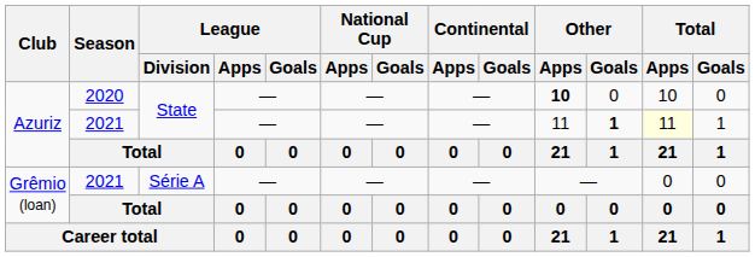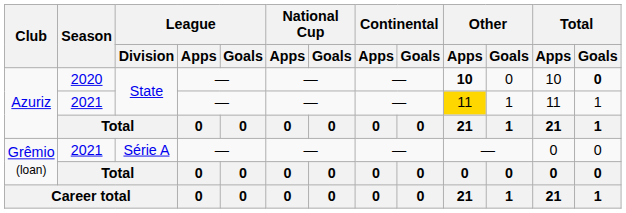 <table class="wikitable" style="text-align: center; font-size:96%">
 <tr>
 <th rowspan=2>Club</th>
 <th rowspan=2>Season</th>
 <th colspan=3>League</th>
 <th colspan=2>National Cup</th>
 <th colspan=2>Continental</th>
 <th colspan=2>Other</th>
 <th colspan=2>Total</th>
 </tr>
 <tr>
 <th>Division</th>
 <th>Apps</th>
 <th>Goals</th>
 <th>Apps</th>
 <th>Goals</th>
 <th>Apps</th>
 <th>Goals</th>
 <th>Apps</th>
 <th>Goals</th>
 <th>Apps</th>
 <th>Goals</th>
 </tr>
 <tr>
 <td rowspan=3><a href='#'>Azuriz</a></td>
 <td><a href='#'>2020</a></td>
 <td rowspan=2><a href='#'>State</a></td>
 <td colspan="2">—</td>
 <td colspan="2">—</td>
 <td colspan="2">—</td>
 <td><strong>10</strong></td>
 <td>0</td>
 <td>10</td>
-<td>0</td>
+<td><strong>0</strong></td>
 </tr>
 <tr>
 <td><a href='#'>2021</a></td>
 <td colspan="2">—</td>
 <td colspan="2">—</td>
 <td colspan="2">—</td>
+<td style="background: gold;">11</td>
+<td>1</td>
 <td>11</td>
-<td><strong>1</strong></td>
-<td style="background: lightyellow;">11</td>
 <td>1</td>
 </tr>
 <tr>
 <th colspan=2>Total</th>
 <th>0</th>
 <th>0</th>
 <th>0</th>
 <th>0</th>
 <th>0</th>
 <th>0</th>
 <th>21</th>
 <th>1</th>
 <th>21</th>
 <th>1</th>
 </tr>
 <tr>
 <td rowspan=2><a href='#'>Grêmio</a><br><small>(loan)</small></td>
 <td><a href='#'>2021</a></td>
 <td><a href='#'>Série A</a></td>
 <td colspan=2>—</td>
 <td colspan=2>—</td>
 <td colspan=2>—</td>
 <td colspan=2>—</td>
 <td>0</td>
 <td>0</td>
 </tr>
 <tr>
 <th colspan=2>Total</th>
 <th>0</th>
 <th>0</th>
 <th>0</th>
 <th>0</th>
 <th>0</th>
 <th>0</th>
 <th>0</th>
 <th>0</th>
 <th>0</th>
 <th>0</th>
 </tr>
 <tr>
 <th colspan=3><strong>Career total</strong></th>
 <th>0</th>
 <th>0</th>
 <th>0</th>
 <th>0</th>
 <th>0</th>
 <th>0</th>
 <th>21</th>
 <th>1</th>
 <th>21</th>
 <th>1</th>
 </tr>
 </table>
